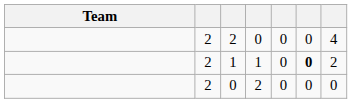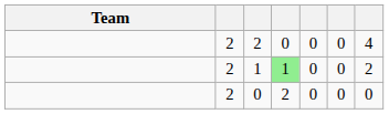 <table class="wikitable" style="text-align:center">
 <tr>
 <th width=200>Team</th>
 <th width=20></th>
 <th width=20></th>
 <th width=20></th>
 <th width=20></th>
 <th width=20></th>
 <th width=20></th>
 </tr>
 <tr>
 <td align="left"></td>
 <td>2</td>
 <td>2</td>
 <td>0</td>
 <td>0</td>
 <td>0</td>
 <td>4</td>
 </tr>
 <tr>
 <td align="left"></td>
 <td>2</td>
 <td>1</td>
-<td>1</td>
+<td style="background: lightgreen;">1</td>
 <td>0</td>
-<td><strong>0</strong></td>
+<td>0</td>
 <td>2</td>
 </tr>
 <tr>
 <td align="left"></td>
 <td>2</td>
 <td>0</td>
 <td>2</td>
 <td>0</td>
 <td>0</td>
 <td>0</td>
 </tr>
 </table>
